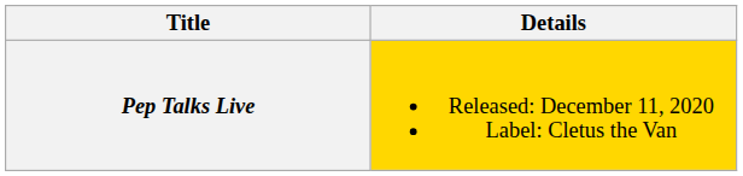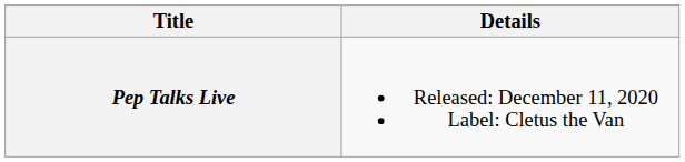 <table class="wikitable plainrowheaders" style="text-align:center;">
 <tr>
 <th scope="col" style="width:16em;">Title</th>
 <th scope="col" style="width:16em;">Details</th>
 </tr>
 <tr>
 <th scope="row"><em>Pep Talks Live</em></th>
-<td style="background: gold;"><br><ul><li>Released: December 11, 2020</li><li>Label: Cletus the Van</li></ul></td>
+<td><br><ul><li>Released: December 11, 2020</li><li>Label: Cletus the Van</li></ul></td>
 </tr>
 </table>
